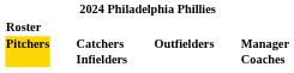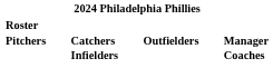 <table class="toccolours" style="font-size: 95%;">
 <tr>
 <th colspan="10"><strong>2024 Philadelphia Phillies</strong></th>
 </tr>
 <tr>
 <td colspan="7"><strong>Roster</strong></td>
 </tr>
 <tr>
-<td valign="top" style="background: gold;"><strong>Pitchers</strong><br>                         </td>
+<td valign="top"><strong>Pitchers</strong><br>                         </td>
 <td style="width:25px;"></td>
 <td valign="top"><strong>Catchers</strong><br>    <strong>Infielders</strong>        </td>
 <td style="width:25px;"></td>
 <td valign="top"><strong>Outfielders</strong><br>         </td>
 <td style="width:25px;"></td>
 <td valign="top"><strong>Manager</strong><br> <strong>Coaches</strong>                        </td>
 </tr>
 </table>
